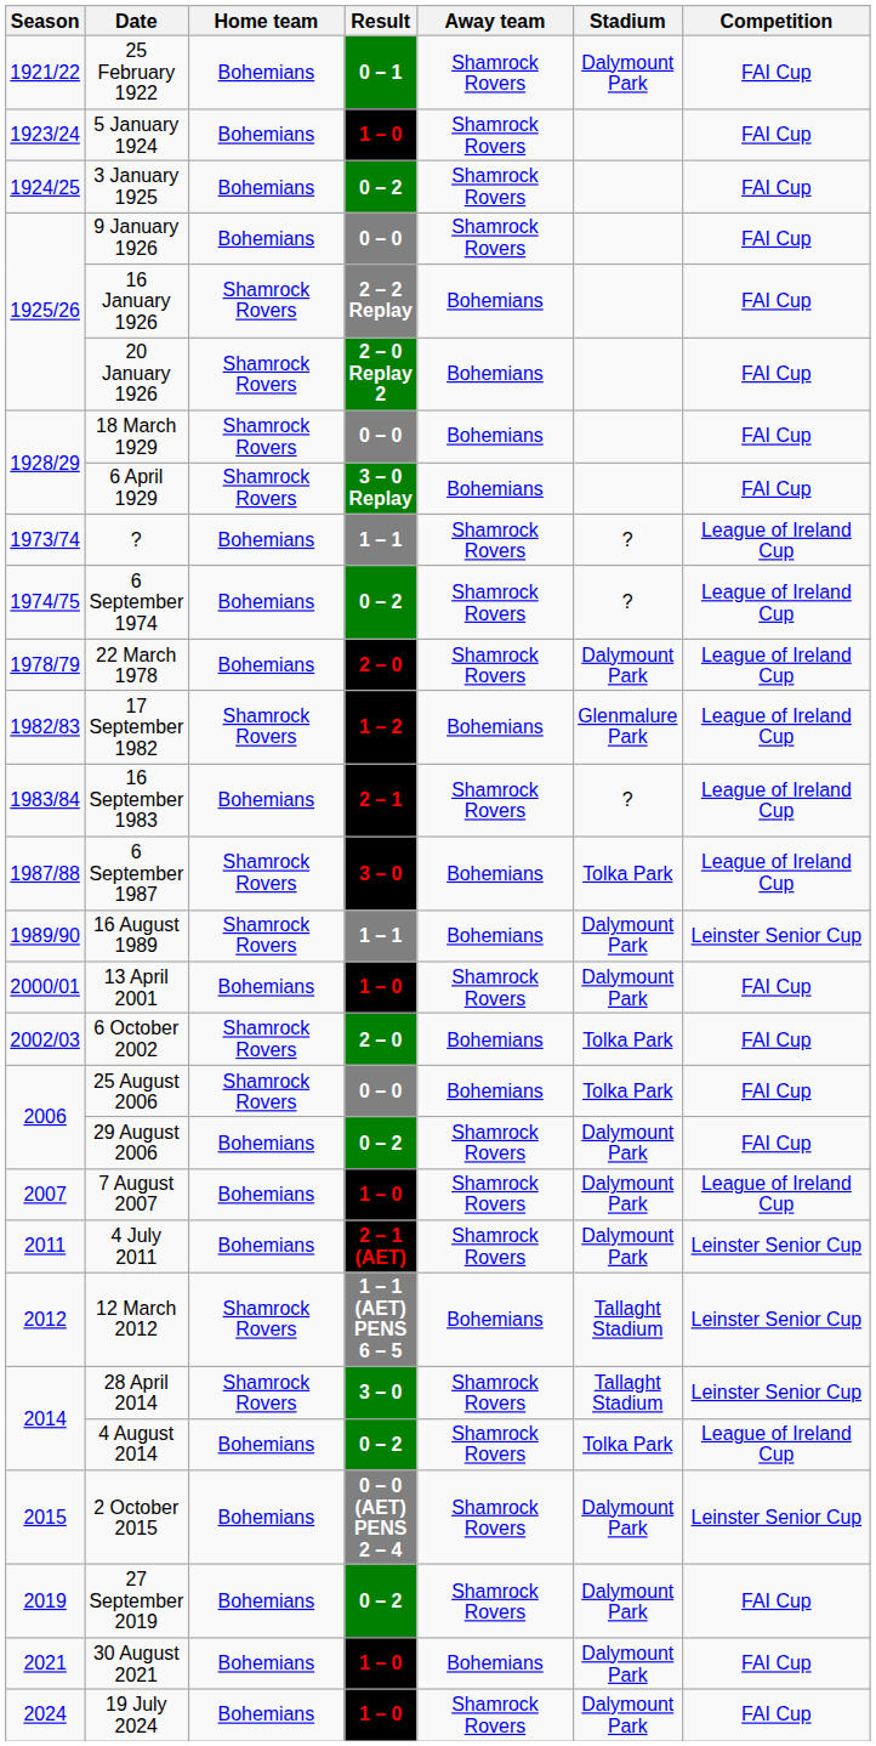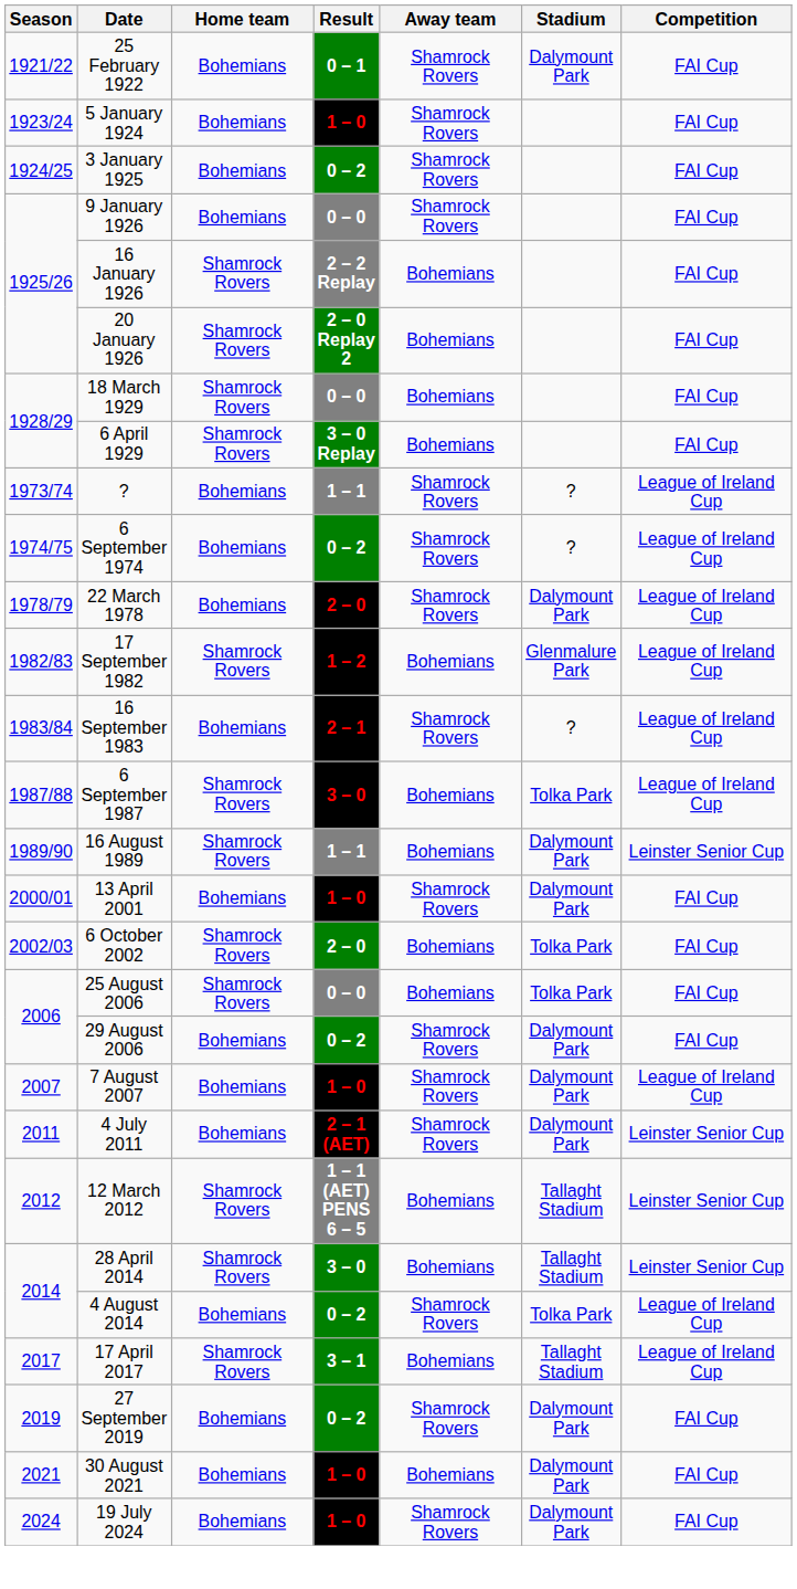 <table class="wikitable" style="font-size:85%; text-align: center;">
 <tr>
 <th>Season</th>
 <th style="width:3.5">Date</th>
 <th style="width:4cm;">Home team</th>
 <th style="width:4.5">Result</th>
 <th style="width:4cm;">Away team</th>
 <th style="width:3.5">Stadium</th>
 <th style="width:5cm;">Competition</th>
 </tr>
 <tr>
 <td><a href='#'>1921/22</a></td>
 <td>25 February 1922</td>
 <td><a href='#'>Bohemians</a></td>
 <td style="background:green;color:#FFFFFF;"><strong>0 – 1</strong></td>
 <td><a href='#'>Shamrock Rovers</a></td>
 <td><a href='#'>Dalymount Park</a></td>
 <td><a href='#'>FAI Cup</a></td>
 </tr>
 <tr>
 <td><a href='#'>1923/24</a></td>
 <td>5 January 1924</td>
 <td><a href='#'>Bohemians</a></td>
 <td style="background:black;color:red;"><strong>1 – 0</strong></td>
 <td><a href='#'>Shamrock Rovers</a></td>
 <td></td>
 <td><a href='#'>FAI Cup</a></td>
 </tr>
 <tr>
 <td><a href='#'>1924/25</a></td>
 <td>3 January 1925</td>
 <td><a href='#'>Bohemians</a></td>
 <td style="background:green;color:#FFFFFF;"><strong>0 – 2</strong></td>
 <td><a href='#'>Shamrock Rovers</a></td>
 <td></td>
 <td><a href='#'>FAI Cup</a></td>
 </tr>
 <tr>
 <td align="center" rowspan=3><a href='#'>1925/26</a></td>
 <td>9 January 1926</td>
 <td><a href='#'>Bohemians</a></td>
 <td style="background:#808080;color:white;"><strong>0 – 0</strong></td>
 <td><a href='#'>Shamrock Rovers</a></td>
 <td></td>
 <td align="center"><a href='#'>FAI Cup</a></td>
 </tr>
 <tr>
 <td align="center">16 January 1926</td>
 <td><a href='#'>Shamrock Rovers</a></td>
 <td style="background:#808080;color:white;"><strong>2 – 2 Replay</strong></td>
 <td><a href='#'>Bohemians</a></td>
 <td></td>
 <td align="center"><a href='#'>FAI Cup</a></td>
 </tr>
 <tr>
 <td align="center">20 January 1926</td>
 <td><a href='#'>Shamrock Rovers</a></td>
 <td style="background:green;color:#FFFFFF;"><strong>2 – 0 Replay 2</strong></td>
 <td><a href='#'>Bohemians</a></td>
 <td></td>
 <td align="center"><a href='#'>FAI Cup</a></td>
 </tr>
 <tr>
 <td align="center" rowspan=2><a href='#'>1928/29</a></td>
 <td>18 March 1929</td>
 <td><a href='#'>Shamrock Rovers</a></td>
 <td style="background:#808080;color:white;"><strong>0 – 0</strong></td>
 <td><a href='#'>Bohemians</a></td>
 <td></td>
 <td align="center"><a href='#'>FAI Cup</a></td>
 </tr>
 <tr>
 <td align="center">6 April 1929</td>
 <td><a href='#'>Shamrock Rovers</a></td>
 <td style="background:green;color:#FFFFFF;"><strong>3 – 0 Replay</strong></td>
 <td><a href='#'>Bohemians</a></td>
 <td></td>
 <td align="center"><a href='#'>FAI Cup</a></td>
 </tr>
 <tr>
 <td><a href='#'>1973/74</a></td>
 <td>?</td>
 <td><a href='#'>Bohemians</a></td>
 <td style="background:#808080;color:white;"><strong>1 – 1</strong></td>
 <td><a href='#'>Shamrock Rovers</a></td>
 <td>?</td>
 <td><a href='#'>League of Ireland Cup</a></td>
 </tr>
 <tr>
 <td><a href='#'>1974/75</a></td>
 <td>6 September 1974</td>
 <td><a href='#'>Bohemians</a></td>
 <td style="background:green;color:#FFFFFF;"><strong>0 – 2</strong></td>
 <td><a href='#'>Shamrock Rovers</a></td>
 <td>?</td>
 <td><a href='#'>League of Ireland Cup</a></td>
 </tr>
 <tr>
 <td><a href='#'>1978/79</a></td>
 <td>22 March 1978</td>
 <td><a href='#'>Bohemians</a></td>
 <td style="background:black;color:red;"><strong>2 – 0</strong></td>
 <td><a href='#'>Shamrock Rovers</a></td>
 <td><a href='#'>Dalymount Park</a></td>
 <td><a href='#'>League of Ireland Cup</a></td>
 </tr>
 <tr>
 <td><a href='#'>1982/83</a></td>
 <td>17 September 1982</td>
 <td><a href='#'>Shamrock Rovers</a></td>
 <td style="background:black;color:red;"><strong>1 – 2</strong></td>
 <td><a href='#'>Bohemians</a></td>
 <td><a href='#'>Glenmalure Park</a></td>
 <td><a href='#'>League of Ireland Cup</a></td>
 </tr>
 <tr>
 <td><a href='#'>1983/84</a></td>
 <td>16 September 1983</td>
 <td><a href='#'>Bohemians</a></td>
 <td style="background:black;color:red;"><strong>2 – 1</strong></td>
 <td><a href='#'>Shamrock Rovers</a></td>
 <td>?</td>
 <td><a href='#'>League of Ireland Cup</a></td>
 </tr>
 <tr>
 <td><a href='#'>1987/88</a></td>
 <td>6 September 1987</td>
 <td><a href='#'>Shamrock Rovers</a></td>
 <td style="background:black;color:red;"><strong>3 – 0</strong></td>
 <td><a href='#'>Bohemians</a></td>
 <td><a href='#'>Tolka Park</a></td>
 <td><a href='#'>League of Ireland Cup</a></td>
 </tr>
 <tr>
 <td><a href='#'>1989/90</a></td>
 <td>16 August 1989</td>
 <td><a href='#'>Shamrock Rovers</a></td>
 <td style="background:#808080;color:white;"><strong>1 – 1</strong></td>
 <td><a href='#'>Bohemians</a></td>
 <td><a href='#'>Dalymount Park</a></td>
 <td><a href='#'>Leinster Senior Cup</a></td>
 </tr>
 <tr>
 <td><a href='#'>2000/01</a></td>
 <td>13 April 2001</td>
 <td><a href='#'>Bohemians</a></td>
 <td style="background:black;color:red;"><strong>1 – 0</strong></td>
 <td><a href='#'>Shamrock Rovers</a></td>
 <td><a href='#'>Dalymount Park</a></td>
 <td><a href='#'>FAI Cup</a></td>
 </tr>
 <tr>
 <td><a href='#'>2002/03</a></td>
 <td>6 October 2002</td>
 <td><a href='#'>Shamrock Rovers</a></td>
 <td style="background:green;color:#FFFFFF;"><strong>2 – 0</strong></td>
 <td><a href='#'>Bohemians</a></td>
 <td><a href='#'>Tolka Park</a></td>
 <td><a href='#'>FAI Cup</a></td>
 </tr>
 <tr>
 <td align="center" rowspan=2><a href='#'>2006</a></td>
 <td>25 August 2006</td>
 <td><a href='#'>Shamrock Rovers</a></td>
 <td style="background:#808080;color:white;"><strong>0 – 0</strong></td>
 <td><a href='#'>Bohemians</a></td>
 <td><a href='#'>Tolka Park</a></td>
 <td align="center"><a href='#'>FAI Cup</a></td>
 </tr>
 <tr>
 <td align="center">29 August 2006</td>
 <td><a href='#'>Bohemians</a></td>
 <td style="background:green;color:#FFFFFF;"><strong>0 – 2</strong></td>
 <td><a href='#'>Shamrock Rovers</a></td>
 <td><a href='#'>Dalymount Park</a></td>
 <td align="center"><a href='#'>FAI Cup</a></td>
 </tr>
 <tr>
 <td><a href='#'>2007</a></td>
 <td>7 August 2007</td>
 <td><a href='#'>Bohemians</a></td>
 <td style="background:black;color:red;"><strong>1 – 0</strong></td>
 <td><a href='#'>Shamrock Rovers</a></td>
 <td><a href='#'>Dalymount Park</a></td>
 <td><a href='#'>League of Ireland Cup</a></td>
 </tr>
 <tr>
 <td><a href='#'>2011</a></td>
 <td>4 July 2011</td>
 <td><a href='#'>Bohemians</a></td>
 <td style="background:black;color:red;"><strong>2 – 1 (AET)</strong></td>
 <td><a href='#'>Shamrock Rovers</a></td>
 <td><a href='#'>Dalymount Park</a></td>
 <td><a href='#'>Leinster Senior Cup</a></td>
 </tr>
 <tr>
 <td><a href='#'>2012</a></td>
 <td>12 March 2012</td>
 <td><a href='#'>Shamrock Rovers</a></td>
 <td style="background:#808080;color:white;"><strong>1 – 1 (AET) PENS 6 – 5</strong></td>
 <td><a href='#'>Bohemians</a></td>
 <td><a href='#'>Tallaght Stadium</a></td>
 <td><a href='#'>Leinster Senior Cup</a></td>
 </tr>
 <tr>
 <td align="center" rowspan=2><a href='#'>2014</a></td>
 <td>28 April 2014</td>
 <td><a href='#'>Shamrock Rovers</a></td>
 <td style="background:green;color:#FFFFFF;"><strong>3 – 0</strong></td>
-<td><a href='#'>Shamrock Rovers</a></td>
+<td><a href='#'>Bohemians</a></td>
 <td><a href='#'>Tallaght Stadium</a></td>
 <td><a href='#'>Leinster Senior Cup</a></td>
 </tr>
 <tr>
 <td align="center">4 August 2014</td>
 <td><a href='#'>Bohemians</a></td>
 <td style="background:green;color:#FFFFFF;"><strong>0 – 2</strong></td>
 <td><a href='#'>Shamrock Rovers</a></td>
 <td><a href='#'>Tolka Park</a></td>
 <td><a href='#'>League of Ireland Cup</a></td>
 </tr>
 <tr>
-<td><a href='#'>2015</a></td>
-<td>2 October 2015</td>
+<td><a href='#'>2017</a></td>
+<td>17 April 2017</td>
+<td><a href='#'>Shamrock Rovers</a></td>
+<td style="background:green;color:#FFFFFF;"><strong>3 – 1</strong></td>
 <td><a href='#'>Bohemians</a></td>
-<td style="background:#808080;color:white;"><strong>0 – 0 (AET) PENS 2 – 4</strong></td>
-<td><a href='#'>Shamrock Rovers</a></td>
-<td><a href='#'>Dalymount Park</a></td>
-<td><a href='#'>Leinster Senior Cup</a></td>
+<td><a href='#'>Tallaght Stadium</a></td>
+<td><a href='#'>League of Ireland Cup</a></td>
 </tr>
 <tr>
 <td><a href='#'>2019</a></td>
 <td>27 September 2019</td>
 <td><a href='#'>Bohemians</a></td>
 <td style="background:green;color:#FFFFFF;"><strong>0 – 2</strong></td>
 <td><a href='#'>Shamrock Rovers</a></td>
 <td><a href='#'>Dalymount Park</a></td>
 <td align="center"><a href='#'>FAI Cup</a></td>
 </tr>
 <tr>
 <td><a href='#'>2021</a></td>
 <td>30 August 2021</td>
 <td><a href='#'>Bohemians</a></td>
 <td style="background:black;color:red;"><strong>1 – 0</strong></td>
 <td><a href='#'>Bohemians</a></td>
 <td><a href='#'>Dalymount Park</a></td>
 <td align="center"><a href='#'>FAI Cup</a></td>
 </tr>
 <tr>
 <td><a href='#'>2024</a></td>
 <td>19 July 2024</td>
 <td><a href='#'>Bohemians</a></td>
 <td style="background:black;color:red;"><strong>1 – 0</strong></td>
 <td><a href='#'>Shamrock Rovers</a></td>
 <td><a href='#'>Dalymount Park</a></td>
 <td align="center"><a href='#'>FAI Cup</a></td>
 </tr>
 <tr>
 </tr>
 </table>
